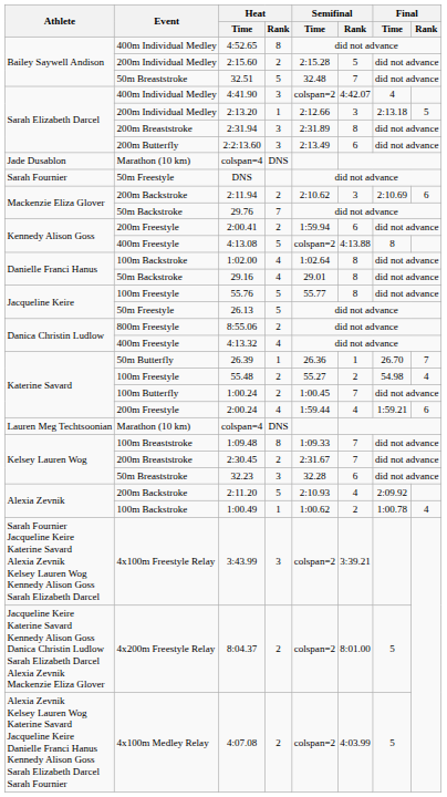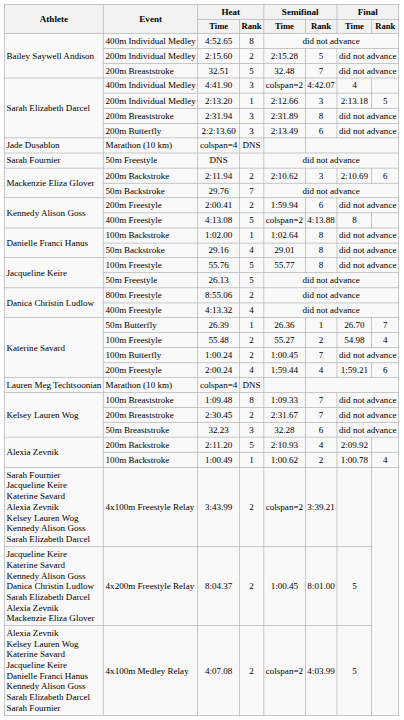 <table class=wikitable style="font-size:90%">
 <tr>
 <th rowspan="2">Athlete</th>
 <th rowspan="2">Event</th>
 <th colspan="2">Heat</th>
 <th colspan="2">Semifinal</th>
 <th colspan="2">Final</th>
 </tr>
 <tr style="font-size:95%">
 <th>Time</th>
 <th>Rank</th>
 <th>Time</th>
 <th>Rank</th>
 <th>Time</th>
 <th>Rank</th>
 </tr>
 <tr align=center>
 <td align=left rowspan=3>Bailey Saywell Andison</td>
 <td align=left>400m Individual Medley</td>
 <td>4:52.65</td>
 <td>8</td>
 <td colspan=4>did not advance</td>
 </tr>
 <tr align=center>
 <td align=left>200m Individual Medley</td>
 <td>2:15.60</td>
 <td>2</td>
 <td>2:15.28</td>
 <td>5</td>
 <td colspan=2>did not advance</td>
 </tr>
 <tr align=center>
-<td align=left>50m Breaststroke</td>
+<td align=left>200m Breaststroke</td>
 <td>32.51</td>
 <td>5</td>
 <td>32.48</td>
 <td>7</td>
 <td colspan=2>did not advance</td>
 </tr>
 <tr align=center>
 <td align=left rowspan=4>Sarah Elizabeth Darcel</td>
 <td align=left>400m Individual Medley</td>
 <td>4:41.90</td>
 <td>3</td>
 <td>colspan=2 </td>
 <td>4:42.07</td>
 <td>4</td>
 </tr>
 <tr align=center>
 <td align=left>200m Individual Medley</td>
 <td>2:13.20</td>
 <td>1</td>
 <td>2:12.66</td>
 <td>3</td>
 <td>2:13.18</td>
 <td>5</td>
 </tr>
 <tr align=center>
 <td align=left>200m Breaststroke</td>
 <td>2:31.94</td>
 <td>3</td>
 <td>2:31.89</td>
 <td>8</td>
 <td colspan=2>did not advance</td>
 </tr>
 <tr align=center>
 <td align=left>200m Butterfly</td>
 <td>2:2:13.60</td>
 <td>3</td>
 <td>2:13.49</td>
 <td>6</td>
 <td colspan=2>did not advance</td>
 </tr>
 <tr align=center>
 <td align=left>Jade Dusablon</td>
 <td align=left>Marathon (10 km)</td>
 <td>colspan=4 </td>
 <td>DNS</td>
 <td></td>
 </tr>
 <tr align=center>
 <td align=left>Sarah Fournier</td>
 <td align=left>50m Freestyle</td>
 <td>DNS</td>
 <td></td>
 <td colspan=4>did not advance</td>
 </tr>
 <tr align=center>
 <td align=left rowspan=2>Mackenzie Eliza Glover</td>
 <td align=left>200m Backstroke</td>
 <td>2:11.94</td>
 <td>2</td>
 <td>2:10.62</td>
 <td>3</td>
 <td>2:10.69</td>
 <td>6</td>
 </tr>
 <tr align=center>
 <td align=left>50m Backstroke</td>
 <td>29.76</td>
 <td>7</td>
 <td colspan=4>did not advance</td>
 </tr>
 <tr align=center>
 <td align=left rowspan=2>Kennedy Alison Goss</td>
 <td align=left>200m Freestyle</td>
 <td>2:00.41</td>
 <td>2</td>
 <td>1:59.94</td>
 <td>6</td>
 <td colspan=2>did not advance</td>
 </tr>
 <tr align=center>
 <td align=left>400m Freestyle</td>
 <td>4:13.08</td>
 <td>5</td>
 <td>colspan=2 </td>
 <td>4:13.88</td>
 <td>8</td>
 </tr>
 <tr align=center>
 <td align=left rowspan=2>Danielle Franci Hanus</td>
 <td align=left>100m Backstroke</td>
 <td>1:02.00</td>
-<td>4</td>
+<td>1</td>
 <td>1:02.64</td>
 <td>8</td>
 <td colspan=2>did not advance</td>
 </tr>
 <tr align=center>
 <td align=left>50m Backstroke</td>
 <td>29.16</td>
 <td>4</td>
 <td>29.01</td>
 <td>8</td>
 <td colspan=2>did not advance</td>
 </tr>
 <tr align=center>
 <td align=left rowspan=2>Jacqueline Keire</td>
 <td align=left>100m Freestyle</td>
 <td>55.76</td>
 <td>5</td>
 <td>55.77</td>
 <td>8</td>
 <td colspan=2>did not advance</td>
 </tr>
 <tr align=center>
 <td align=left>50m Freestyle</td>
 <td>26.13</td>
 <td>5</td>
 <td colspan=4>did not advance</td>
 </tr>
 <tr align=center>
 <td align=left rowspan=2>Danica Christin Ludlow</td>
 <td align=left>800m Freestyle</td>
 <td>8:55.06</td>
 <td>2</td>
 <td colspan=4>did not advance</td>
 </tr>
 <tr align=center>
 <td align=left>400m Freestyle</td>
 <td>4:13.32</td>
 <td>4</td>
 <td colspan=4>did not advance</td>
 </tr>
 <tr align=center>
 <td align=left rowspan=4>Katerine Savard</td>
 <td align=left>50m Butterfly</td>
 <td>26.39</td>
 <td>1</td>
 <td>26.36</td>
 <td>1</td>
 <td>26.70</td>
 <td>7</td>
 </tr>
 <tr align=center>
 <td align=left>100m Freestyle</td>
 <td>55.48</td>
 <td>2</td>
 <td>55.27</td>
 <td>2</td>
 <td>54.98</td>
 <td>4</td>
 </tr>
 <tr align=center>
 <td align=left>100m Butterfly</td>
 <td>1:00.24</td>
 <td>2</td>
 <td>1:00.45</td>
 <td>7</td>
 <td colspan=2>did not advance</td>
 </tr>
 <tr align=center>
 <td align=left>200m Freestyle</td>
 <td>2:00.24</td>
 <td>4</td>
 <td>1:59.44</td>
 <td>4</td>
 <td>1:59.21</td>
 <td>6</td>
 </tr>
 <tr align=center>
 <td align=left>Lauren Meg Techtsoonian</td>
 <td align=left>Marathon (10 km)</td>
 <td>colspan=4 </td>
 <td>DNS</td>
 <td></td>
 </tr>
 <tr align=center>
 <td align=left rowspan=3>Kelsey Lauren Wog</td>
 <td align=left>100m Breaststroke</td>
 <td>1:09.48</td>
 <td>8</td>
 <td>1:09.33</td>
 <td>7</td>
 <td colspan=2>did not advance</td>
 </tr>
 <tr align=center>
 <td align=left>200m Breaststroke</td>
 <td>2:30.45</td>
 <td>2</td>
 <td>2:31.67</td>
 <td>7</td>
 <td colspan=2>did not advance</td>
 </tr>
 <tr align=center>
 <td align=left>50m Breaststroke</td>
 <td>32.23</td>
 <td>3</td>
 <td>32.28</td>
 <td>6</td>
 <td colspan=2>did not advance</td>
 </tr>
 <tr align=center>
 <td align=left rowspan=2>Alexia Zevnik</td>
 <td align=left>200m Backstroke</td>
 <td>2:11.20</td>
 <td>5</td>
 <td>2:10.93</td>
 <td>4</td>
 <td>2:09.92</td>
 <td></td>
 </tr>
 <tr align=center>
 <td align=left>100m Backstroke</td>
 <td>1:00.49</td>
 <td>1</td>
 <td>1:00.62</td>
 <td>2</td>
 <td>1:00.78</td>
 <td>4</td>
 </tr>
 <tr align=center>
 <td align=left>Sarah Fournier<br>Jacqueline Keire<br>Katerine Savard<br>Alexia Zevnik<br>Kelsey Lauren Wog<br>Kennedy Alison Goss<br>Sarah Elizabeth Darcel</td>
 <td align=left>4x100m Freestyle Relay</td>
 <td>3:43.99</td>
-<td>3</td>
+<td>2</td>
 <td>colspan=2 </td>
 <td>3:39.21</td>
 <td></td>
 </tr>
 <tr align=center>
 <td align=left>Jacqueline Keire<br>Katerine Savard<br>Kennedy Alison Goss<br>Danica Christin Ludlow<br>Sarah Elizabeth Darcel<br>Alexia Zevnik<br>Mackenzie Eliza Glover</td>
 <td align=left>4x200m Freestyle Relay</td>
 <td>8:04.37</td>
 <td>2</td>
-<td>colspan=2 </td>
+<td>1:00.45</td>
 <td>8:01.00</td>
 <td>5</td>
 </tr>
 <tr align=center>
 <td align=left>Alexia Zevnik<br>Kelsey Lauren Wog<br>Katerine Savard<br>Jacqueline Keire<br>Danielle Franci Hanus<br>Kennedy Alison Goss<br>Sarah Elizabeth Darcel<br>Sarah Fournier</td>
 <td align=left>4x100m Medley Relay</td>
 <td>4:07.08</td>
 <td>2</td>
 <td>colspan=2 </td>
 <td>4:03.99</td>
 <td>5</td>
 </tr>
 </table>
